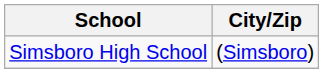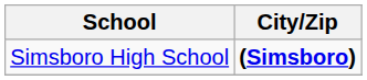 <table class="wikitable">
 <tr>
 <th>School</th>
 <th>City/Zip</th>
 </tr>
 <tr>
 <td><a href='#'>Simsboro High School</a></td>
-<td>(<a href='#'>Simsboro</a>)</td>
+<td><strong>(<a href='#'>Simsboro</a>)</strong></td>
 </tr>
 <tr>
 </tr>
 </table>
